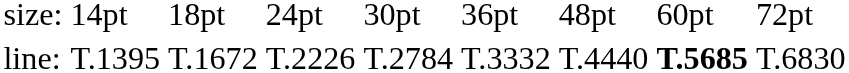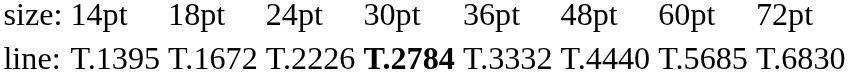 <table style="margin-left:40px;">
 <tr>
 <td>size:</td>
 <td>14pt</td>
 <td>18pt</td>
 <td>24pt</td>
 <td>30pt</td>
 <td>36pt</td>
 <td>48pt</td>
 <td>60pt</td>
 <td>72pt</td>
 </tr>
 <tr>
 <td>line:</td>
 <td>T.1395</td>
 <td>T.1672</td>
 <td>T.2226</td>
-<td>T.2784</td>
+<td><strong>T.2784</strong></td>
 <td>T.3332</td>
 <td>T.4440</td>
-<td><strong>T.5685</strong></td>
+<td>T.5685</td>
 <td>T.6830</td>
 </tr>
 </table>
